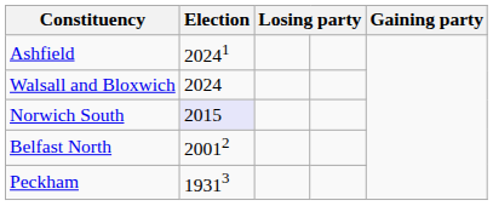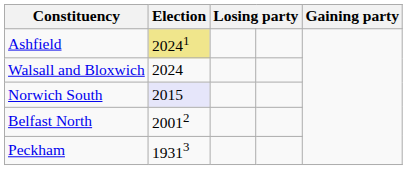 <table class="wikitable sortable">
 <tr>
 <th>Constituency</th>
 <th>Election</th>
 <th colspan=2>Losing party</th>
 <th colspan=2>Gaining party</th>
 </tr>
 <tr>
 <td><a href='#'>Ashfield</a></td>
-<td>2024<sup>1</sup></td>
+<td style="background: khaki;">2024<sup>1</sup></td>
 <td></td>
 <td></td>
 </tr>
 <tr>
 <td><a href='#'>Walsall and Bloxwich</a></td>
 <td>2024</td>
 <td></td>
 <td></td>
 </tr>
 <tr>
 <td><a href='#'>Norwich South</a></td>
 <td style="background: lavender;">2015</td>
 <td></td>
 <td></td>
 </tr>
 <tr>
 <td><a href='#'>Belfast North</a></td>
 <td>2001<sup>2</sup></td>
 <td></td>
 <td></td>
 </tr>
 <tr>
 <td><a href='#'>Peckham</a></td>
 <td>1931<sup>3</sup></td>
 <td></td>
 <td></td>
 </tr>
 </table>
